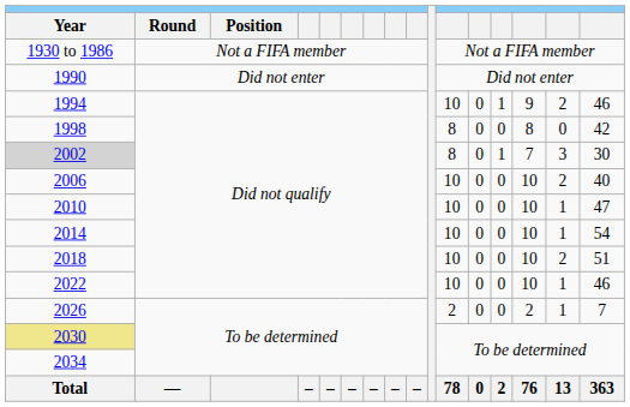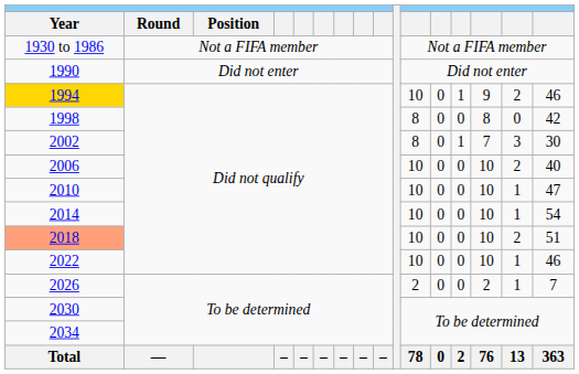 <table class="wikitable" style="text-align: center;">
 <tr>
 <th colspan="9"style=background:#87CEFA;color:white></th>
 <th width=1% rowspan=16></th>
 <th colspan="6"style=background:#87CEFA;color:white></th>
 </tr>
 <tr>
 <th>Year</th>
 <th>Round</th>
 <th>Position</th>
 <th></th>
 <th></th>
 <th></th>
 <th></th>
 <th></th>
 <th></th>
 <th></th>
 <th></th>
 <th></th>
 <th></th>
 <th></th>
 <th></th>
 </tr>
 <tr>
 <td> <a href='#'>1930</a> to  <a href='#'>1986</a></td>
 <td colspan=8><em>Not a FIFA member</em></td>
 <td colspan=6><em>Not a FIFA member</em></td>
 </tr>
 <tr>
 <td> <a href='#'>1990</a></td>
 <td colspan=8><em>Did not enter</em></td>
 <td colspan=6><em>Did not enter</em></td>
 </tr>
 <tr>
-<td> <a href='#'>1994</a></td>
+<td style="background: gold;"> <a href='#'>1994</a></td>
 <td rowspan=8 colspan=8><em>Did not qualify</em></td>
 <td>10</td>
 <td>0</td>
 <td>1</td>
 <td>9</td>
 <td>2</td>
 <td>46</td>
 </tr>
 <tr>
 <td> <a href='#'>1998</a></td>
 <td>8</td>
 <td>0</td>
 <td>0</td>
 <td>8</td>
 <td>0</td>
 <td>42</td>
 </tr>
 <tr>
-<td style="background: lightgrey;">  <a href='#'>2002</a></td>
+<td>  <a href='#'>2002</a></td>
 <td>8</td>
 <td>0</td>
 <td>1</td>
 <td>7</td>
 <td>3</td>
 <td>30</td>
 </tr>
 <tr>
 <td> <a href='#'>2006</a></td>
 <td>10</td>
 <td>0</td>
 <td>0</td>
 <td>10</td>
 <td>2</td>
 <td>40</td>
 </tr>
 <tr>
 <td> <a href='#'>2010</a></td>
 <td>10</td>
 <td>0</td>
 <td>0</td>
 <td>10</td>
 <td>1</td>
 <td>47</td>
 </tr>
 <tr>
 <td> <a href='#'>2014</a></td>
 <td>10</td>
 <td>0</td>
 <td>0</td>
 <td>10</td>
 <td>1</td>
 <td>54</td>
 </tr>
 <tr>
-<td> <a href='#'>2018</a></td>
+<td style="background: lightsalmon;"> <a href='#'>2018</a></td>
 <td>10</td>
 <td>0</td>
 <td>0</td>
 <td>10</td>
 <td>2</td>
 <td>51</td>
 </tr>
 <tr>
 <td> <a href='#'>2022</a></td>
 <td>10</td>
 <td>0</td>
 <td>0</td>
 <td>10</td>
 <td>1</td>
 <td>46</td>
 </tr>
 <tr>
 <td>   <a href='#'>2026</a></td>
 <td colspan=8 rowspan=3><em>To be determined</em></td>
 <td>2</td>
 <td>0</td>
 <td>0</td>
 <td>2</td>
 <td>1</td>
 <td>7</td>
 </tr>
 <tr>
-<td style="background: khaki;">   <a href='#'>2030</a></td>
+<td>   <a href='#'>2030</a></td>
 <td colspan=7 rowspan=2><em>To be determined</em></td>
 </tr>
 <tr>
 <td> <a href='#'>2034</a></td>
 </tr>
 <tr>
 <th>Total</th>
 <th>—</th>
 <th></th>
 <th>–</th>
 <th>–</th>
 <th>–</th>
 <th>–</th>
 <th>–</th>
 <th>–</th>
 <th>78</th>
 <th>0</th>
 <th>2</th>
 <th>76</th>
 <th>13</th>
 <th>363</th>
 </tr>
 </table>
